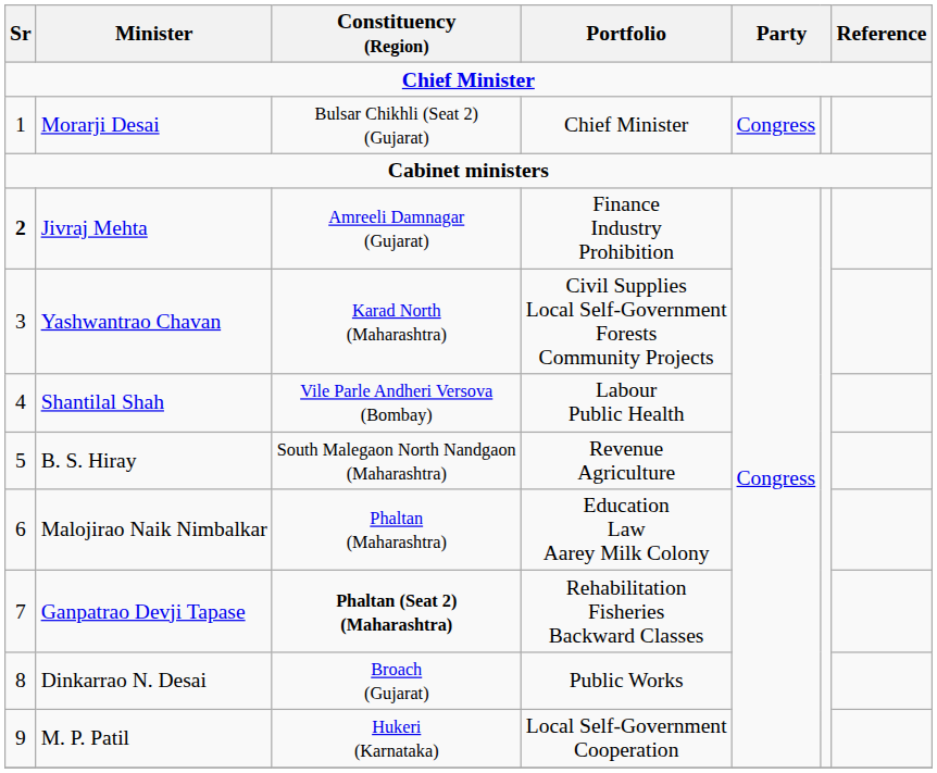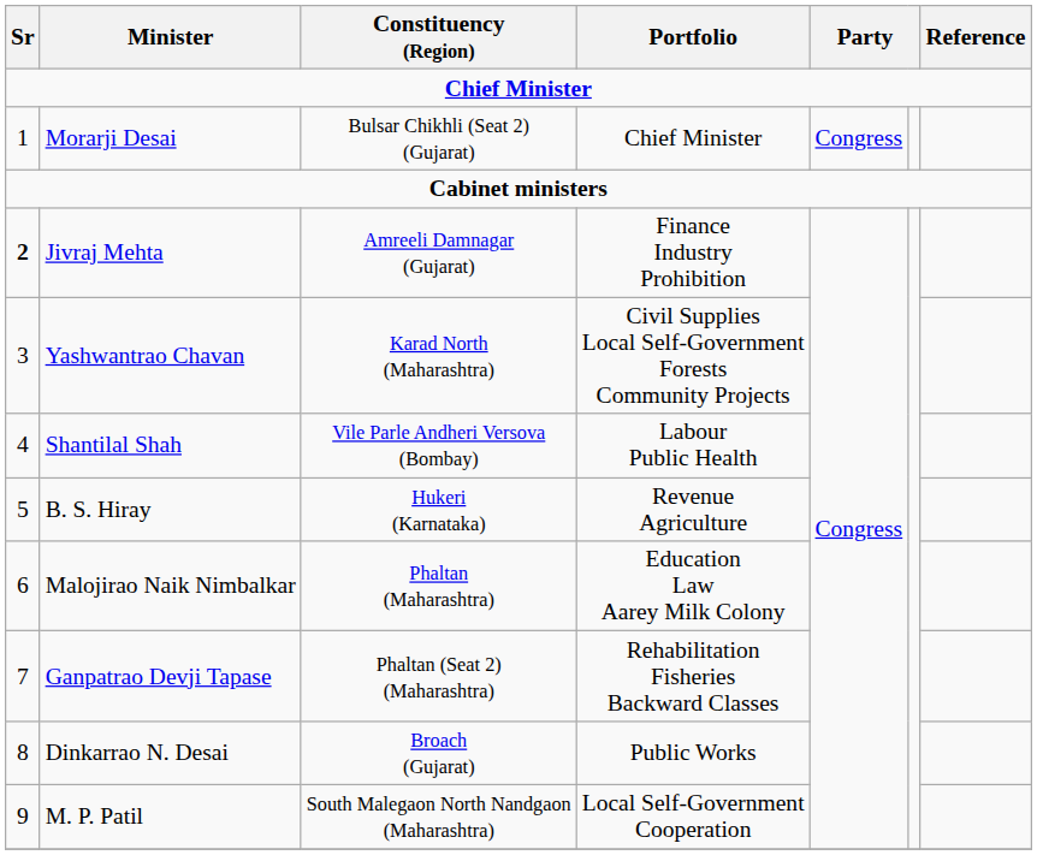 <table class="wikitable">
 <tr>
 <th>Sr</th>
 <th>Minister</th>
 <th>Constituency<br><small>(Region)</small></th>
 <th>Portfolio</th>
 <th colspan="2" scope="col">Party</th>
 <th>Reference</th>
 </tr>
 <tr>
 <td colspan=7 style="text-align:center;"><strong><a href='#'>Chief Minister</a></strong></td>
 </tr>
 <tr>
 <td style="text-align:center;">1</td>
 <td><a href='#'>Morarji Desai</a></td>
 <td style="text-align:center;"><small>Bulsar Chikhli (Seat 2)<br>(Gujarat)</small></td>
 <td style="text-align:center;">Chief Minister</td>
 <td style="text-align:center;" rowspan=1><a href='#'>Congress</a></td>
 <td rowspan=1 style="width:1px; background-color: "></td>
 <td style="text-align:center;"></td>
 </tr>
 <tr>
 <td colspan=7 style="text-align:center;"><strong>Cabinet ministers</strong></td>
 </tr>
 <tr>
 <td style="text-align:center;"><strong>2</strong></td>
 <td><a href='#'>Jivraj Mehta</a></td>
 <td style="text-align:center;"><small><a href='#'>Amreeli Damnagar</a><br>(Gujarat)</small></td>
 <td style="text-align:center;">Finance<br>Industry<br>Prohibition</td>
 <td style="text-align:center;" rowspan=8><a href='#'>Congress</a></td>
 <td rowspan=8 style="width:1px; background-color: "></td>
 <td style="text-align:center;"></td>
 </tr>
 <tr>
 <td style="text-align:center;">3</td>
 <td><a href='#'>Yashwantrao Chavan</a></td>
 <td style="text-align:center;"><small><a href='#'>Karad North</a><br>(Maharashtra)</small></td>
 <td style="text-align:center;">Civil Supplies<br>Local Self-Government<br>Forests<br>Community Projects</td>
 <td style="text-align:center;"></td>
 </tr>
 <tr>
 <td style="text-align:center;">4</td>
 <td><a href='#'>Shantilal Shah</a></td>
 <td style="text-align:center;"><small><a href='#'>Vile Parle Andheri Versova</a><br>(Bombay)</small></td>
 <td style="text-align:center;">Labour<br>Public Health</td>
 <td style="text-align:center;"></td>
 </tr>
 <tr>
 <td style="text-align:center;">5</td>
 <td>B. S. Hiray</td>
-<td style="text-align:center;"><small>South Malegaon North Nandgaon<br>(Maharashtra)</small></td>
+<td style="text-align:center;"><small><a href='#'>Hukeri</a><br>(Karnataka)</small></td>
 <td style="text-align:center;">Revenue<br>Agriculture</td>
 <td style="text-align:center;"></td>
 </tr>
 <tr>
 <td style="text-align:center;">6</td>
 <td>Malojirao Naik Nimbalkar</td>
 <td style="text-align:center;"><small><a href='#'>Phaltan</a><br>(Maharashtra)</small></td>
 <td style="text-align:center;">Education<br>Law<br>Aarey Milk Colony</td>
 <td style="text-align:center;"></td>
 </tr>
 <tr>
 <td style="text-align:center;">7</td>
 <td><a href='#'>Ganpatrao Devji Tapase</a></td>
-<td style="text-align:center;"><strong><small>Phaltan (Seat 2)<br>(Maharashtra)</small></strong></td>
+<td style="text-align:center;"><small>Phaltan (Seat 2)<br>(Maharashtra)</small></td>
 <td style="text-align:center;">Rehabilitation<br>Fisheries<br>Backward Classes</td>
 <td style="text-align:center;"></td>
 </tr>
 <tr>
 <td style="text-align:center;">8</td>
 <td>Dinkarrao N. Desai</td>
 <td style="text-align:center;"><small><a href='#'>Broach</a><br>(Gujarat)</small></td>
 <td style="text-align:center;">Public Works</td>
 <td style="text-align:center;"></td>
 </tr>
 <tr>
 <td style="text-align:center;">9</td>
 <td>M. P. Patil</td>
-<td style="text-align:center;"><small><a href='#'>Hukeri</a><br>(Karnataka)</small></td>
+<td style="text-align:center;"><small>South Malegaon North Nandgaon<br>(Maharashtra)</small></td>
 <td style="text-align:center;">Local Self-Government<br>Cooperation</td>
 <td style="text-align:center;"></td>
 </tr>
 <tr>
 </tr>
 </table>
